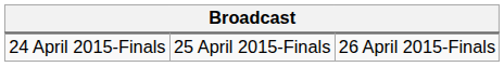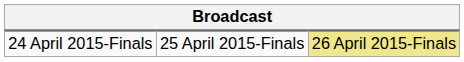 <table class=wikitable style="text-align:center;">
 <tr>
 <th colspan=3>Broadcast</th>
 </tr>
 <tr style="border-top: 2px solid #333333;">
 </tr>
 <tr>
 <td>24 April 2015-Finals </td>
 <td>25 April 2015-Finals </td>
-<td>26 April 2015-Finals </td>
+<td style="background: khaki;">26 April 2015-Finals </td>
 </tr>
 <tr>
 </tr>
 </table>
